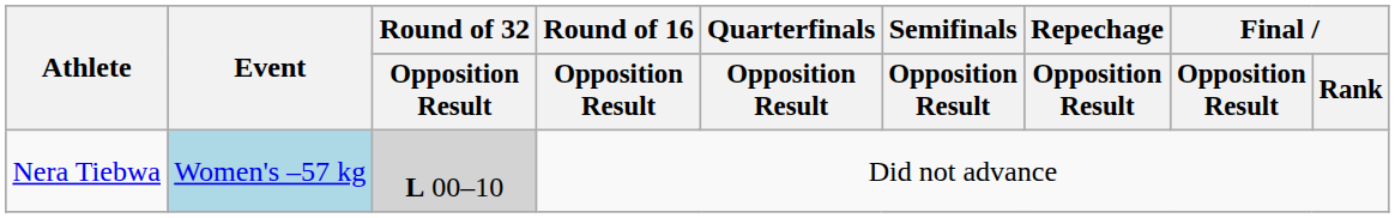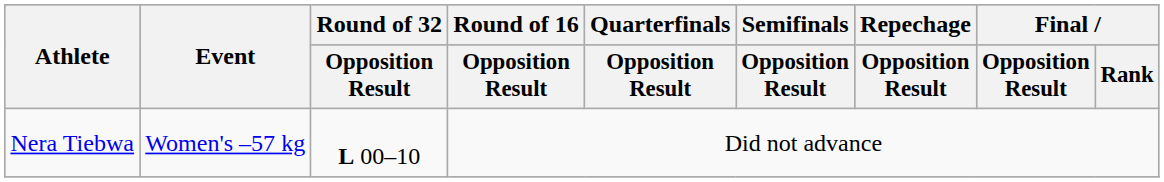 <table class="wikitable" style="font-size:90%">
 <tr>
 <th rowspan="2">Athlete</th>
 <th rowspan="2">Event</th>
 <th>Round of 32</th>
 <th>Round of 16</th>
 <th>Quarterfinals</th>
 <th>Semifinals</th>
 <th>Repechage</th>
 <th colspan=2>Final / </th>
 </tr>
 <tr style="font-size:95%">
 <th>Opposition<br>Result</th>
 <th>Opposition<br>Result</th>
 <th>Opposition<br>Result</th>
 <th>Opposition<br>Result</th>
 <th>Opposition<br>Result</th>
 <th>Opposition<br>Result</th>
 <th>Rank</th>
 </tr>
 <tr align=center>
 <td align=left><a href='#'>Nera Tiebwa</a></td>
-<td align=left style="background: lightblue;"><a href='#'>Women's –57 kg</a></td>
-<td style="background: lightgrey;"><br><strong>L</strong> 00–10</td>
+<td align=left><a href='#'>Women's –57 kg</a></td>
+<td><br><strong>L</strong> 00–10</td>
 <td colspan=6>Did not advance</td>
 </tr>
 </table>
